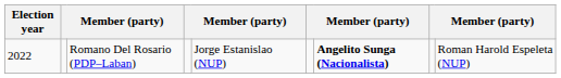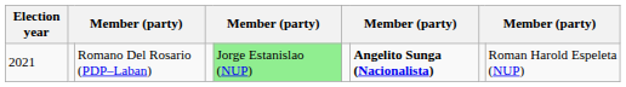 <table class="wikitable" style="font-size:90%">
 <tr>
 <th width="60px">Election<br>year</th>
 <th colspan="2" width="140px">Member (party)</th>
 <th colspan="2" width="140px">Member (party)</th>
 <th colspan="2" width="140px">Member (party)</th>
 <th colspan="2" width="140px">Member (party)</th>
 </tr>
 <tr>
-<td>2022</td>
+<td>2021</td>
 <td></td>
 <td>Romano Del Rosario<br>(<a href='#'>PDP–Laban</a>)</td>
 <td></td>
-<td>Jorge Estanislao<br>(<a href='#'>NUP</a>)</td>
+<td style="background: lightgreen;">Jorge Estanislao<br>(<a href='#'>NUP</a>)</td>
 <td></td>
 <td><strong>Angelito Sunga<br>(<a href='#'>Nacionalista</a>)</strong></td>
 <td></td>
 <td>Roman Harold Espeleta<br>(<a href='#'>NUP</a>)</td>
 </tr>
 </table>
